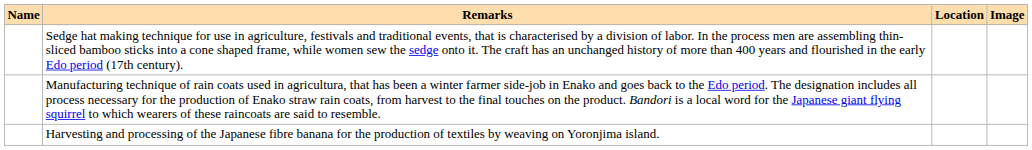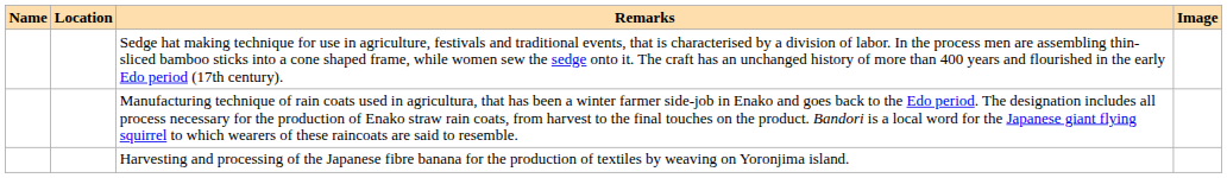 <table class="wikitable sortable" width="100%" style="background:#ffffff;">
 <tr>
 <th align="left" style="background:#ffdead;">Name</th>
+<th style="background:#ffdead;">Location</th>
 <th align="left" style="background:#ffdead;" class="unsortable">Remarks</th>
-<th style="background:#ffdead;">Location</th>
 <th align="left" style="background:#ffdead;" class="unsortable">Image</th>
 </tr>
 <tr>
 <td></td>
+<td></td>
 <td>Sedge hat making technique for use in agriculture, festivals and traditional events, that is characterised by a division of labor. In the process men are assembling thin-sliced bamboo sticks into a cone shaped frame, while women sew the <a href='#'>sedge</a> onto it. The craft has an unchanged history of more than 400 years and flourished in the early <a href='#'>Edo period</a> (17th century).</td>
-<td></td>
 <td></td>
 </tr>
 <tr>
 <td></td>
+<td></td>
 <td>Manufacturing technique of rain coats used in agricultura, that has been a winter farmer side-job in Enako and goes back to the <a href='#'>Edo period</a>. The designation includes all process necessary for the production of Enako straw rain coats, from harvest to the final touches on the product. <em>Bandori</em> is a local word for the <a href='#'>Japanese giant flying squirrel</a> to which wearers of these raincoats are said to resemble.</td>
-<td></td>
 <td></td>
 </tr>
 <tr>
 <td></td>
+<td></td>
 <td>Harvesting and processing of the Japanese fibre banana for the production of textiles by weaving on Yoronjima island.</td>
-<td></td>
 <td></td>
 </tr>
 </table>
